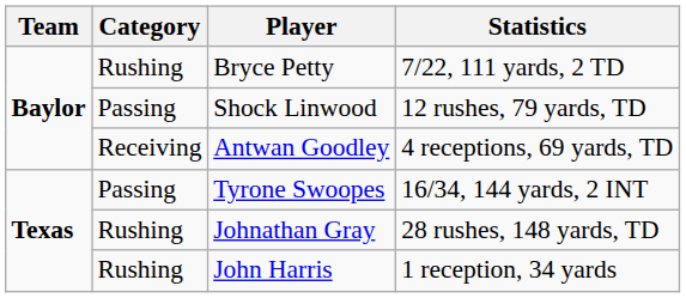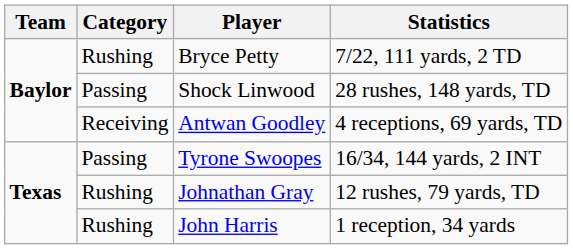 <table class="wikitable" style="float: left;">
 <tr>
 <th>Team</th>
 <th>Category</th>
 <th>Player</th>
 <th>Statistics</th>
 </tr>
 <tr>
 <td rowspan=3><strong>Baylor</strong></td>
 <td>Rushing</td>
 <td>Bryce Petty</td>
 <td>7/22, 111 yards, 2 TD</td>
 </tr>
 <tr>
 <td>Passing</td>
 <td>Shock Linwood</td>
-<td>12 rushes, 79 yards, TD</td>
+<td>28 rushes, 148 yards, TD</td>
 </tr>
 <tr>
 <td>Receiving</td>
 <td><a href='#'>Antwan Goodley</a></td>
 <td>4 receptions, 69 yards, TD</td>
 </tr>
 <tr>
 <td rowspan=3><strong>Texas</strong></td>
 <td>Passing</td>
 <td><a href='#'>Tyrone Swoopes</a></td>
 <td>16/34, 144 yards, 2 INT</td>
 </tr>
 <tr>
 <td>Rushing</td>
 <td><a href='#'>Johnathan Gray</a></td>
-<td>28 rushes, 148 yards, TD</td>
+<td>12 rushes, 79 yards, TD</td>
 </tr>
 <tr>
 <td>Rushing</td>
 <td><a href='#'>John Harris</a></td>
 <td>1 reception, 34 yards</td>
 </tr>
 </table>
